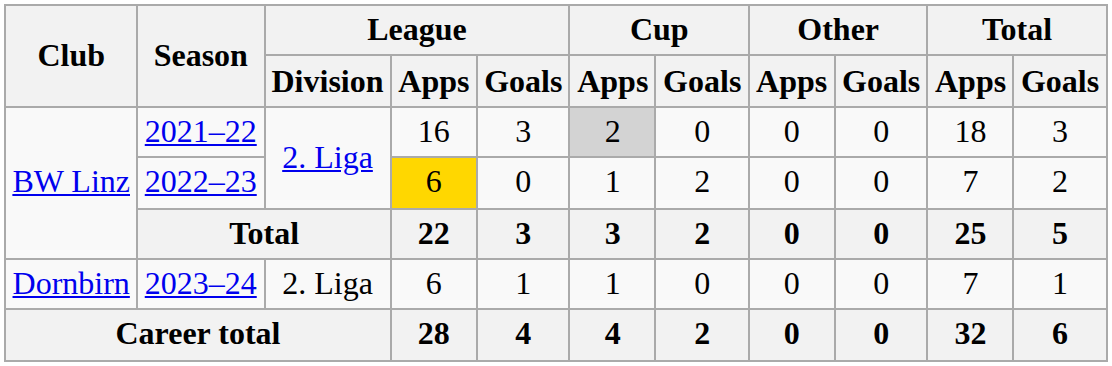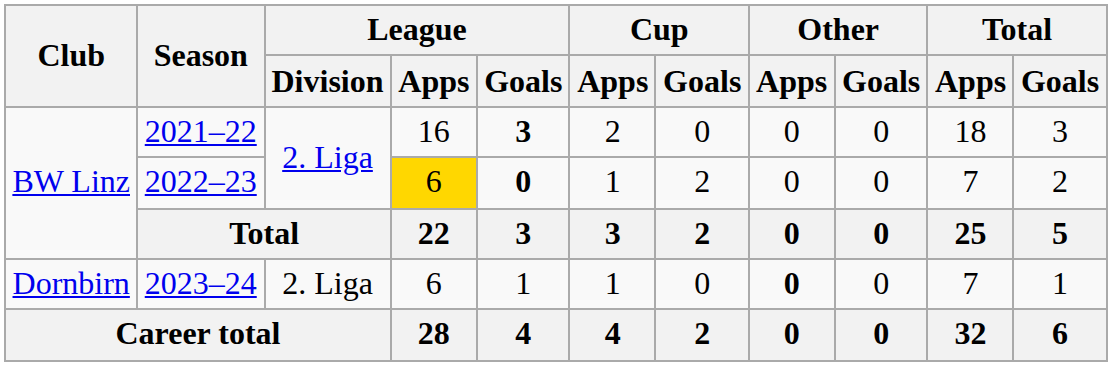 <table class="wikitable" style="text-align:center">
 <tr>
 <th rowspan="2">Club</th>
 <th rowspan="2">Season</th>
 <th colspan="3">League</th>
 <th colspan="2">Cup</th>
 <th colspan="2">Other</th>
 <th colspan="2">Total</th>
 </tr>
 <tr>
 <th>Division</th>
 <th>Apps</th>
 <th>Goals</th>
 <th>Apps</th>
 <th>Goals</th>
 <th>Apps</th>
 <th>Goals</th>
 <th>Apps</th>
 <th>Goals</th>
 </tr>
 <tr>
 <td rowspan="3"><a href='#'>BW Linz</a></td>
 <td><a href='#'>2021–22</a></td>
 <td rowspan="2"><a href='#'>2. Liga</a></td>
 <td>16</td>
-<td>3</td>
-<td style="background: lightgrey;">2</td>
+<td><strong>3</strong></td>
+<td>2</td>
 <td>0</td>
 <td>0</td>
 <td>0</td>
 <td>18</td>
 <td>3</td>
 </tr>
 <tr>
 <td><a href='#'>2022–23</a></td>
 <td style="background: gold;">6</td>
-<td>0</td>
+<td><strong>0</strong></td>
 <td>1</td>
 <td>2</td>
 <td>0</td>
 <td>0</td>
 <td>7</td>
 <td>2</td>
 </tr>
 <tr>
 <th colspan="2">Total</th>
 <th>22</th>
 <th>3</th>
 <th>3</th>
 <th>2</th>
 <th>0</th>
 <th>0</th>
 <th>25</th>
 <th>5</th>
 </tr>
 <tr>
 <td><a href='#'>Dornbirn</a></td>
 <td><a href='#'>2023–24</a></td>
 <td>2. Liga</td>
 <td>6</td>
 <td>1</td>
 <td>1</td>
 <td>0</td>
-<td>0</td>
+<td><strong>0</strong></td>
 <td>0</td>
 <td>7</td>
 <td>1</td>
 </tr>
 <tr>
 <th colspan="3">Career total</th>
 <th>28</th>
 <th>4</th>
 <th>4</th>
 <th>2</th>
 <th>0</th>
 <th>0</th>
 <th>32</th>
 <th>6</th>
 </tr>
 </table>
